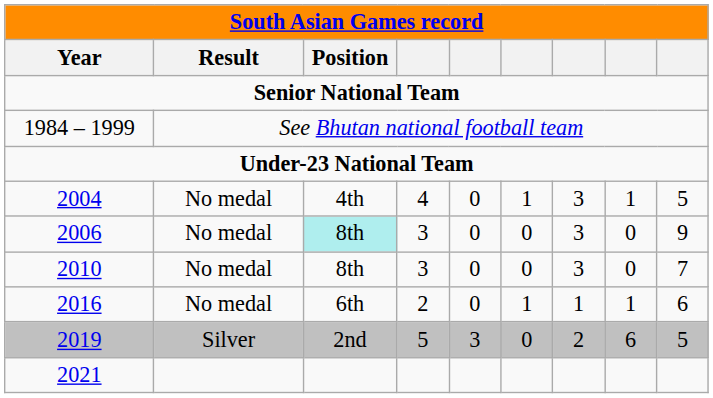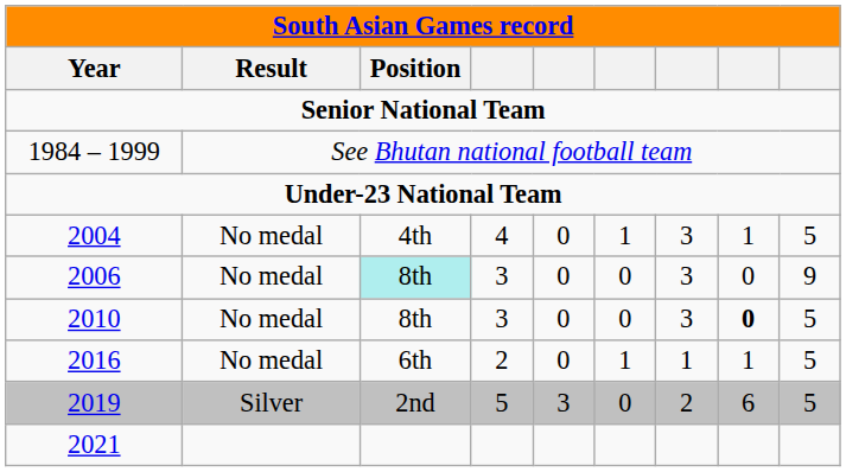 <table class="wikitable collapsible" style="text-align: center;">
 <tr>
 <th colspan=9 style="background: #FF8C00; color: #0000FF;"><a href='#'>South Asian Games record</a></th>
 </tr>
 <tr>
 <th style="width:100px;">Year</th>
 <th style="width:100px;">Result</th>
 <th style="width:60px;">Position</th>
 <th style="width:30px;"></th>
 <th style="width:30px;"></th>
 <th style="width:30px;"></th>
 <th style="width:30px;"></th>
 <th style="width:30px;"></th>
 <th style="width:30px;"></th>
 </tr>
 <tr>
 <td colspan=9><strong>Senior National Team</strong></td>
 </tr>
 <tr>
 <td>1984 – 1999</td>
 <td colspan=8><em>See <a href='#'>Bhutan national football team</a></em></td>
 </tr>
 <tr>
 <td colspan=9><strong>Under-23 National Team</strong></td>
 </tr>
 <tr style="background:No medal;">
 <td> <a href='#'>2004</a></td>
 <td>No medal</td>
 <td>4th</td>
 <td>4</td>
 <td>0</td>
 <td>1</td>
 <td>3</td>
 <td>1</td>
 <td>5</td>
 </tr>
 <tr>
 <td> <a href='#'>2006</a></td>
 <td>No medal</td>
 <td style="background: paleturquoise;">8th</td>
 <td>3</td>
 <td>0</td>
 <td>0</td>
 <td>3</td>
 <td>0</td>
 <td>9</td>
 </tr>
 <tr>
 <td> <a href='#'>2010</a></td>
 <td>No medal</td>
 <td>8th</td>
 <td>3</td>
 <td>0</td>
 <td>0</td>
 <td>3</td>
-<td>0</td>
-<td>7</td>
+<td><strong>0</strong></td>
+<td>5</td>
 </tr>
 <tr>
 <td> <a href='#'>2016</a></td>
 <td>No medal</td>
 <td>6th</td>
 <td>2</td>
 <td>0</td>
 <td>1</td>
 <td>1</td>
 <td>1</td>
-<td>6</td>
+<td>5</td>
 </tr>
 <tr style="background:silver;">
 <td> <a href='#'>2019</a></td>
 <td>Silver</td>
 <td>2nd</td>
 <td>5</td>
 <td>3</td>
 <td>0</td>
 <td>2</td>
 <td>6</td>
 <td>5</td>
 </tr>
 <tr style=>
 <td> <a href='#'>2021</a></td>
 <td></td>
 <td></td>
 <td></td>
 <td></td>
 <td></td>
 <td></td>
 <td></td>
 <td></td>
 </tr>
 </table>
